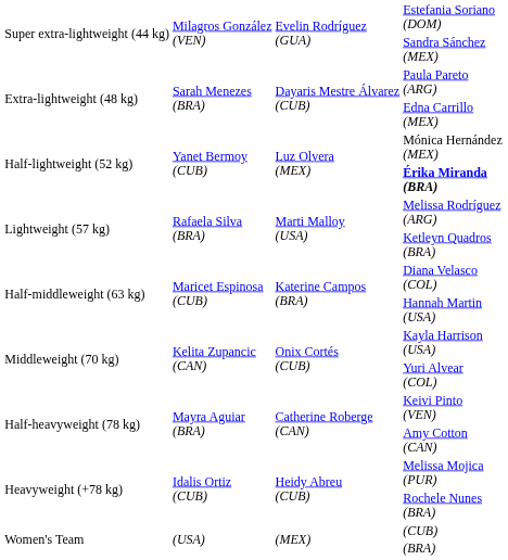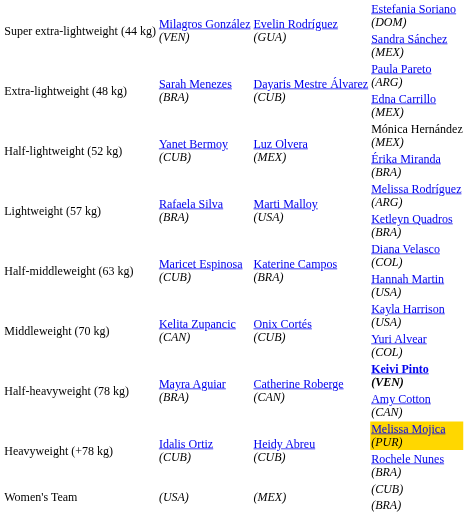 <table>
 <tr>
 <td rowspan=2>Super extra-lightweight (44 kg)</td>
 <td rowspan=2><a href='#'>Milagros González</a><br> <em> (VEN)</em></td>
 <td rowspan=2><a href='#'>Evelin Rodríguez</a> <br> <em> (GUA)</em></td>
 <td><a href='#'>Estefania Soriano</a> <br> <em> (DOM)</em></td>
 </tr>
 <tr>
 <td><a href='#'>Sandra Sánchez</a> <br> <em> (MEX)</em></td>
 </tr>
 <tr>
 <td rowspan=2>Extra-lightweight (48 kg)</td>
 <td rowspan=2><a href='#'>Sarah Menezes</a><br> <em> (BRA)</em></td>
 <td rowspan=2><a href='#'>Dayaris Mestre Álvarez</a> <br> <em> (CUB)</em></td>
 <td><a href='#'>Paula Pareto</a> <br> <em> (ARG)</em></td>
 </tr>
 <tr>
 <td><a href='#'>Edna Carrillo</a> <br> <em> (MEX)</em></td>
 </tr>
 <tr>
 <td rowspan=2>Half-lightweight (52 kg)</td>
 <td rowspan=2><a href='#'>Yanet Bermoy</a><br> <em> (CUB)</em></td>
 <td rowspan=2><a href='#'>Luz Olvera</a> <br> <em> (MEX)</em></td>
 <td>Mónica Hernández <br> <em> (MEX)</em></td>
 </tr>
 <tr>
-<td><strong><a href='#'>Érika Miranda</a> <br> <em> (BRA)</em></strong></td>
+<td><a href='#'>Érika Miranda</a> <br> <em> (BRA)</em></td>
 </tr>
 <tr>
 <td rowspan=2>Lightweight (57 kg)</td>
 <td rowspan=2><a href='#'>Rafaela Silva</a><br> <em> (BRA)</em></td>
 <td rowspan=2><a href='#'>Marti Malloy</a> <br> <em> (USA)</em></td>
 <td><a href='#'>Melissa Rodríguez</a> <br> <em> (ARG)</em></td>
 </tr>
 <tr>
 <td><a href='#'>Ketleyn Quadros</a> <br> <em> (BRA)</em></td>
 </tr>
 <tr>
 <td rowspan=2>Half-middleweight (63 kg)</td>
 <td rowspan=2><a href='#'>Maricet Espinosa</a><br> <em> (CUB)</em></td>
 <td rowspan=2><a href='#'>Katerine Campos</a> <br> <em> (BRA)</em></td>
 <td><a href='#'>Diana Velasco</a> <br> <em> (COL)</em></td>
 </tr>
 <tr>
 <td><a href='#'>Hannah Martin</a> <br> <em> (USA)</em></td>
 </tr>
 <tr>
 <td rowspan=2>Middleweight (70 kg)</td>
 <td rowspan=2><a href='#'>Kelita Zupancic</a><br> <em> (CAN)</em></td>
 <td rowspan=2><a href='#'>Onix Cortés</a> <br> <em> (CUB)</em></td>
 <td><a href='#'>Kayla Harrison</a> <br> <em> (USA)</em></td>
 </tr>
 <tr>
 <td><a href='#'>Yuri Alvear</a> <br> <em> (COL)</em></td>
 </tr>
 <tr>
 <td rowspan=2>Half-heavyweight (78 kg)</td>
 <td rowspan=2><a href='#'>Mayra Aguiar</a><br> <em> (BRA)</em></td>
 <td rowspan=2><a href='#'>Catherine Roberge</a> <br> <em> (CAN)</em></td>
-<td><a href='#'>Keivi Pinto</a> <br> <em> (VEN)</em></td>
+<td><strong><a href='#'>Keivi Pinto</a> <br> <em> (VEN)</em></strong></td>
 </tr>
 <tr>
 <td><a href='#'>Amy Cotton</a> <br> <em> (CAN)</em></td>
 </tr>
 <tr>
 <td rowspan=2>Heavyweight (+78 kg)</td>
 <td rowspan=2><a href='#'>Idalis Ortiz</a><br> <em> (CUB)</em></td>
 <td rowspan=2><a href='#'>Heidy Abreu</a> <br> <em> (CUB)</em></td>
-<td><a href='#'>Melissa Mojica</a> <br> <em> (PUR)</em></td>
+<td style="background: gold;"><a href='#'>Melissa Mojica</a> <br> <em> (PUR)</em></td>
 </tr>
 <tr>
 <td><a href='#'>Rochele Nunes</a> <br> <em> (BRA)</em></td>
 </tr>
 <tr>
 <td rowspan=2>Women's Team</td>
 <td rowspan=2><em> (USA)</em></td>
 <td rowspan=2><em> (MEX)</em></td>
 <td><em> (CUB)</em></td>
 </tr>
 <tr>
 <td><em> (BRA)</em></td>
 </tr>
 <tr>
 </tr>
 </table>
